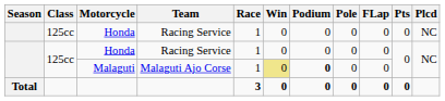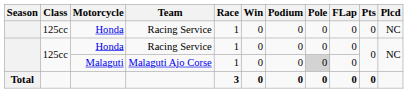 <table class="wikitable">
 <tr>
 <th>Season</th>
 <th>Class</th>
 <th>Motorcycle</th>
 <th>Team</th>
 <th>Race</th>
 <th>Win</th>
 <th>Podium</th>
 <th>Pole</th>
 <th>FLap</th>
 <th>Pts</th>
 <th>Plcd</th>
 </tr>
 <tr align="right">
 <th></th>
 <td>125cc</td>
 <td><a href='#'>Honda</a></td>
 <td>Racing Service</td>
 <td>1</td>
 <td>0</td>
 <td>0</td>
 <td>0</td>
 <td>0</td>
 <td>0</td>
 <td>NC</td>
 </tr>
 <tr align="right">
 <th rowspan=2></th>
 <td rowspan=2>125cc</td>
 <td><a href='#'>Honda</a></td>
 <td>Racing Service</td>
 <td>1</td>
 <td>0</td>
 <td>0</td>
 <td>0</td>
 <td>0</td>
 <td rowspan=2>0</td>
 <td rowspan=2>NC</td>
 </tr>
 <tr align="right">
 <td><a href='#'>Malaguti</a></td>
 <td><a href='#'>Malaguti Ajo Corse</a></td>
 <td>1</td>
-<td style="background: khaki;">0</td>
-<td><strong>0</strong></td>
 <td>0</td>
+<td>0</td>
+<td style="background: lightgrey;">0</td>
 <td>0</td>
 </tr>
 <tr align="right">
 <th>Total</th>
 <td></td>
 <td></td>
 <td></td>
 <td><strong>3</strong></td>
 <td><strong>0</strong></td>
 <td><strong>0</strong></td>
 <td><strong>0</strong></td>
 <td><strong>0</strong></td>
 <td><strong>0</strong></td>
 <td></td>
 </tr>
 </table>
